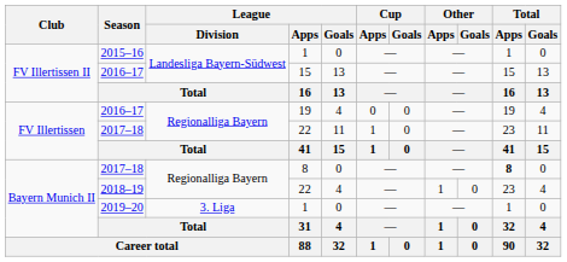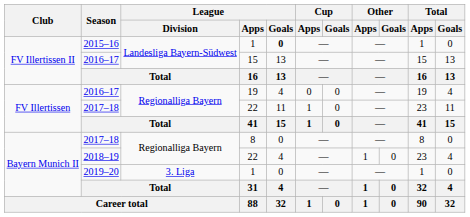 <table class="wikitable" style="text-align:center">
 <tr>
 <th rowspan="2">Club</th>
 <th rowspan="2">Season</th>
 <th colspan="3">League</th>
 <th colspan="2">Cup</th>
 <th colspan="2">Other</th>
 <th colspan="2">Total</th>
 </tr>
 <tr>
 <th>Division</th>
 <th>Apps</th>
 <th>Goals</th>
 <th>Apps</th>
 <th>Goals</th>
 <th>Apps</th>
 <th>Goals</th>
 <th>Apps</th>
 <th>Goals</th>
 </tr>
 <tr>
 <td rowspan="3"><a href='#'>FV Illertissen II</a></td>
 <td><a href='#'>2015–16</a></td>
 <td rowspan="2"><a href='#'>Landesliga Bayern-Südwest</a></td>
 <td>1</td>
-<td>0</td>
+<td><strong>0</strong></td>
 <td colspan="2">—</td>
 <td colspan="2">—</td>
 <td>1</td>
 <td>0</td>
 </tr>
 <tr>
 <td><a href='#'>2016–17</a></td>
 <td>15</td>
 <td>13</td>
 <td colspan="2">—</td>
 <td colspan="2">—</td>
 <td>15</td>
 <td>13</td>
 </tr>
 <tr>
 <th colspan="2">Total</th>
 <th>16</th>
 <th>13</th>
 <th colspan="2">—</th>
 <th colspan="2">—</th>
 <th>16</th>
 <th>13</th>
 </tr>
 <tr>
 <td rowspan="3"><a href='#'>FV Illertissen</a></td>
 <td><a href='#'>2016–17</a></td>
 <td rowspan="2"><a href='#'>Regionalliga Bayern</a></td>
 <td>19</td>
 <td>4</td>
 <td>0</td>
 <td>0</td>
 <td colspan="2">—</td>
 <td>19</td>
 <td>4</td>
 </tr>
 <tr>
 <td><a href='#'>2017–18</a></td>
 <td>22</td>
 <td>11</td>
 <td>1</td>
 <td>0</td>
 <td colspan="2">—</td>
 <td>23</td>
 <td>11</td>
 </tr>
 <tr>
 <th colspan="2">Total</th>
 <th>41</th>
 <th>15</th>
 <th>1</th>
 <th>0</th>
 <th colspan="2">—</th>
 <th>41</th>
 <th>15</th>
 </tr>
 <tr>
 <td rowspan="4"><a href='#'>Bayern Munich II</a></td>
 <td><a href='#'>2017–18</a></td>
 <td rowspan="2">Regionalliga Bayern</td>
 <td>8</td>
 <td>0</td>
 <td colspan="2">—</td>
 <td colspan="2">—</td>
-<td><strong>8</strong></td>
+<td>8</td>
 <td>0</td>
 </tr>
 <tr>
 <td><a href='#'>2018–19</a></td>
 <td>22</td>
 <td>4</td>
 <td colspan="2">—</td>
 <td>1</td>
 <td>0</td>
 <td>23</td>
 <td>4</td>
 </tr>
 <tr>
 <td><a href='#'>2019–20</a></td>
 <td><a href='#'>3. Liga</a></td>
 <td>1</td>
 <td>0</td>
 <td colspan="2">—</td>
 <td colspan="2">—</td>
 <td>1</td>
 <td>0</td>
 </tr>
 <tr>
 <th colspan="2">Total</th>
 <th>31</th>
 <th>4</th>
 <th colspan="2">—</th>
 <th>1</th>
 <th>0</th>
 <th>32</th>
 <th>4</th>
 </tr>
 <tr>
 <th colspan="3">Career total</th>
 <th>88</th>
 <th>32</th>
 <th>1</th>
 <th>0</th>
 <th>1</th>
 <th>0</th>
 <th>90</th>
 <th>32</th>
 </tr>
 </table>
